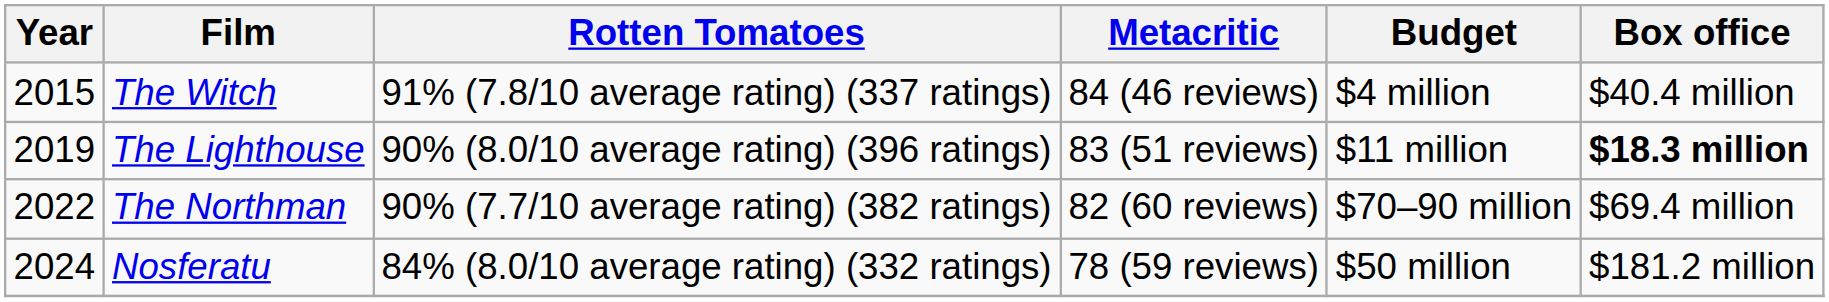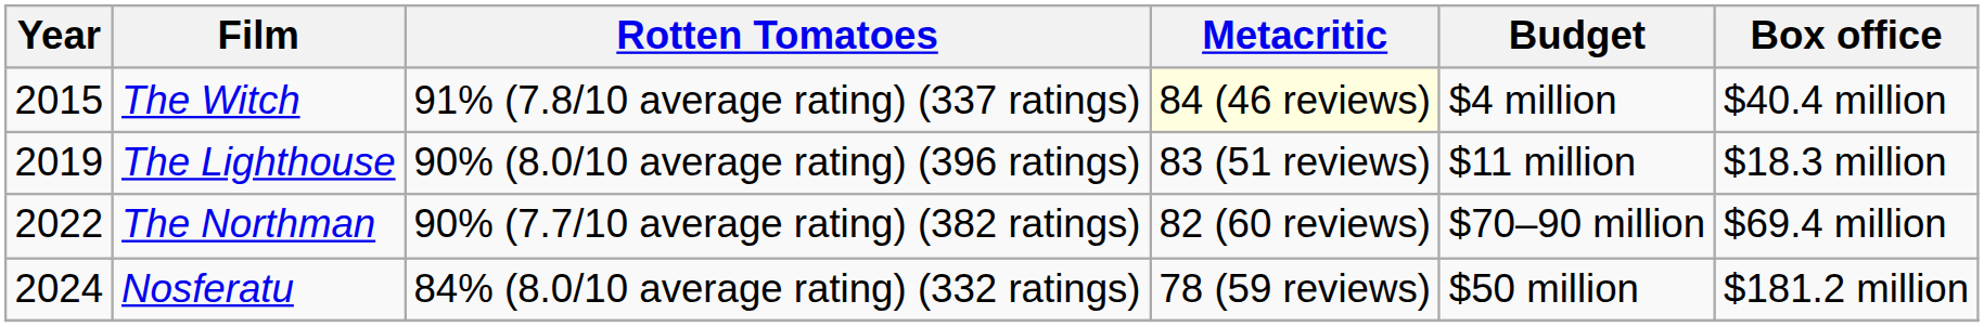 <table class="wikitable">
 <tr>
 <th>Year</th>
 <th>Film</th>
 <th><a href='#'>Rotten Tomatoes</a></th>
 <th><a href='#'>Metacritic</a></th>
 <th>Budget</th>
 <th>Box office</th>
 </tr>
 <tr>
 <td>2015</td>
 <td><em><a href='#'>The Witch</a></em></td>
 <td>91% (7.8/10 average rating) (337 ratings)</td>
-<td>84 (46 reviews)</td>
+<td style="background: lightyellow;">84 (46 reviews)</td>
 <td>$4 million</td>
 <td>$40.4 million</td>
 </tr>
 <tr>
 <td>2019</td>
 <td><em><a href='#'>The Lighthouse</a></em></td>
 <td>90% (8.0/10 average rating) (396 ratings)</td>
 <td>83 (51 reviews)</td>
 <td>$11 million</td>
-<td><strong>$18.3 million</strong></td>
+<td>$18.3 million</td>
 </tr>
 <tr>
 <td>2022</td>
 <td><em><a href='#'>The Northman</a></em></td>
 <td>90% (7.7/10 average rating) (382 ratings)</td>
 <td>82 (60 reviews)</td>
 <td>$70–90 million</td>
 <td>$69.4 million</td>
 </tr>
 <tr>
 <td>2024</td>
 <td><em><a href='#'>Nosferatu</a></em></td>
 <td>84% (8.0/10 average rating) (332 ratings)</td>
 <td>78 (59 reviews)</td>
 <td>$50 million</td>
 <td>$181.2 million</td>
 </tr>
 <tr>
 </tr>
 </table>
